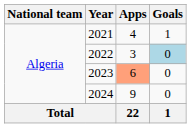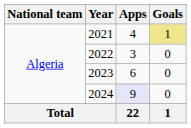 <table class="wikitable" style="text-align:center">
 <tr>
 <th>National team</th>
 <th>Year</th>
 <th>Apps</th>
 <th>Goals</th>
 </tr>
 <tr>
 <td rowspan=4><a href='#'>Algeria</a></td>
 <td>2021</td>
 <td>4</td>
-<td>1</td>
+<td style="background: khaki;">1</td>
 </tr>
 <tr>
 <td>2022</td>
 <td>3</td>
-<td style="background: lightblue;">0</td>
+<td>0</td>
 </tr>
 <tr>
 <td>2023</td>
-<td style="background: lightsalmon;">6</td>
+<td>6</td>
 <td>0</td>
 </tr>
 <tr>
 <td>2024</td>
-<td>9</td>
+<td style="background: lavender;">9</td>
 <td>0</td>
 </tr>
 <tr>
 <th colspan=2>Total</th>
 <th>22</th>
 <th>1</th>
 </tr>
 </table>
